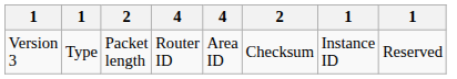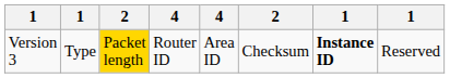 <table class="wikitable  floatright mw-collapsible" style="width: 400px; ">
 <tr>
 <th>1</th>
 <th>1</th>
 <th>2</th>
 <th>4</th>
 <th>4</th>
 <th>2</th>
 <th>1</th>
 <th>1</th>
 </tr>
 <tr>
 <td>Version 3</td>
 <td>Type</td>
-<td>Packet length</td>
+<td style="background: gold;">Packet length</td>
 <td>Router ID</td>
 <td>Area ID</td>
 <td>Checksum</td>
-<td>Instance ID</td>
+<td><strong>Instance ID</strong></td>
 <td>Reserved</td>
 </tr>
 </table>
